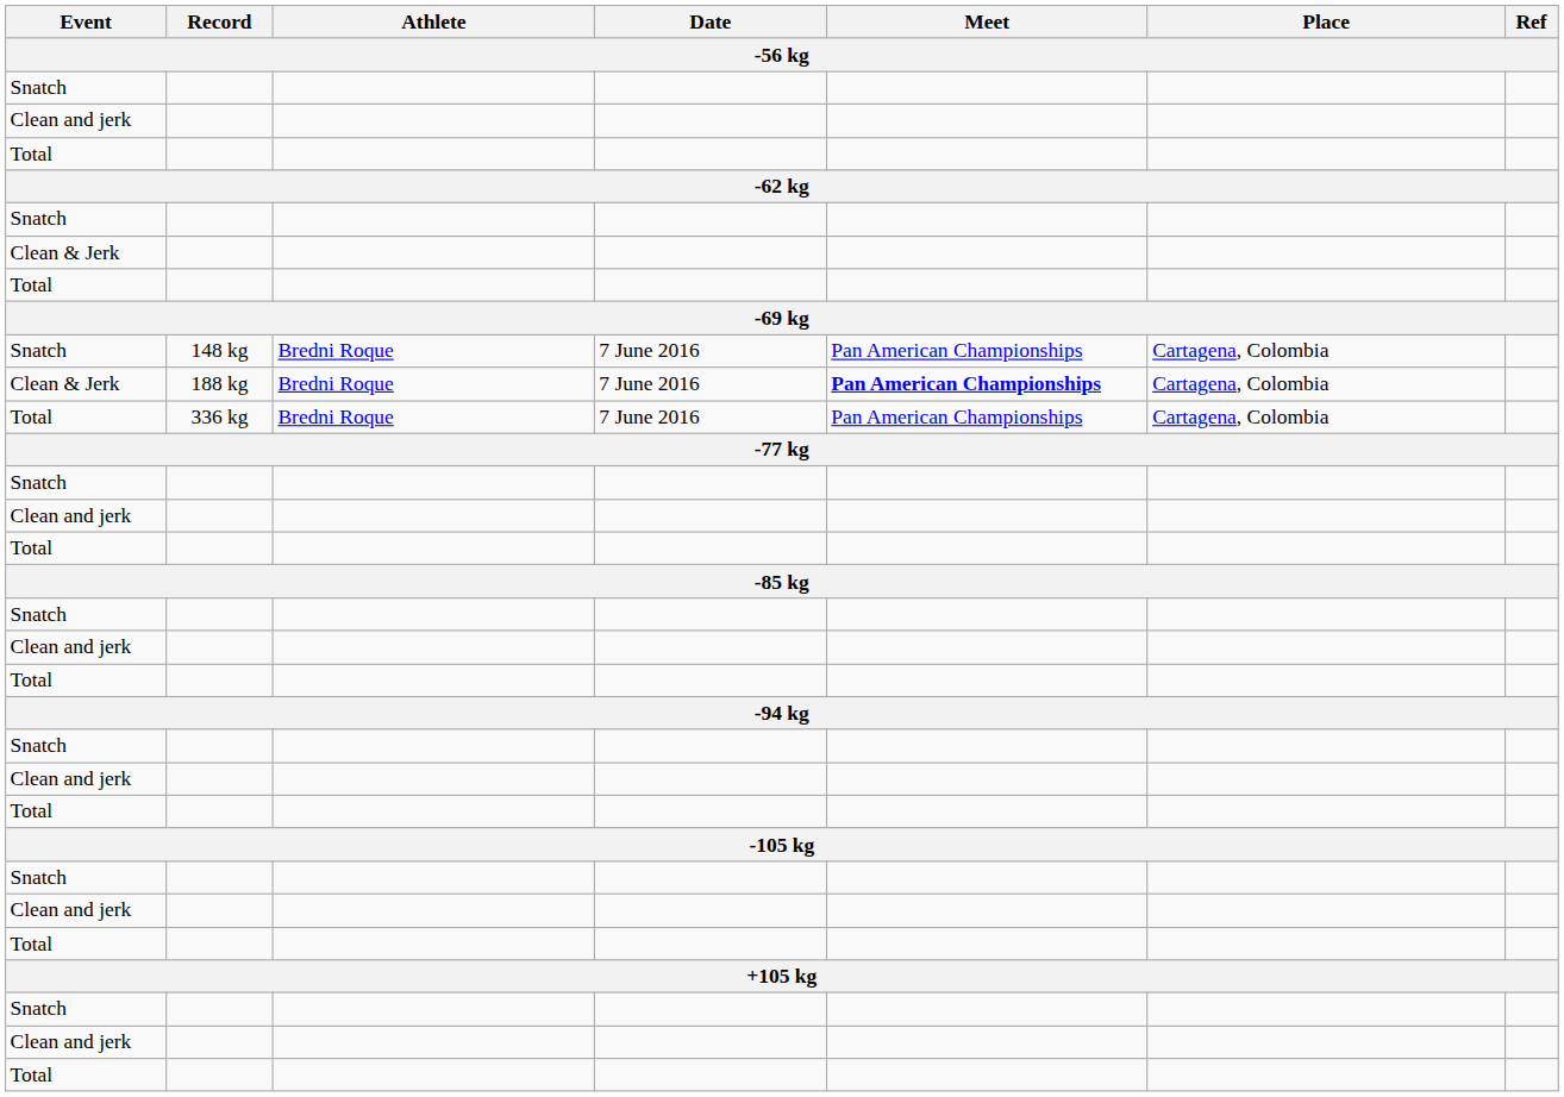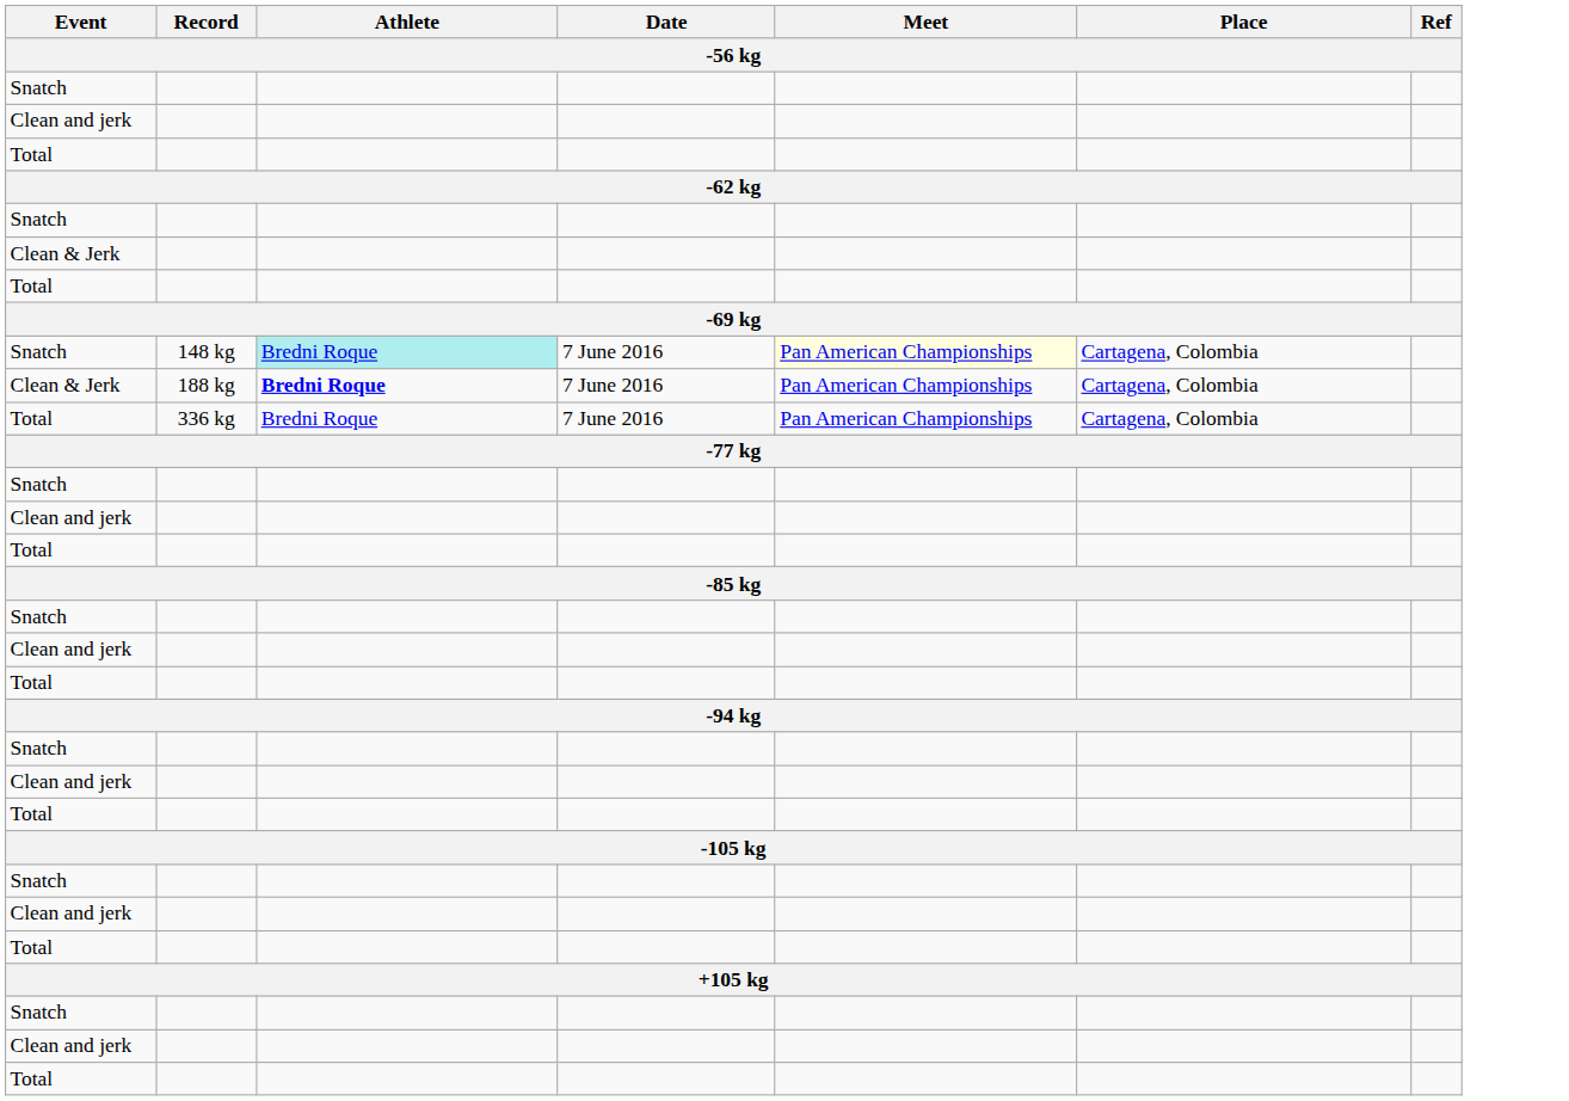 <table class="wikitable">
 <tr>
 <th width=9%>Event</th>
 <th width=6%>Record</th>
 <th width=18%>Athlete</th>
 <th width=13%>Date</th>
 <th width=18%>Meet</th>
 <th width=20%>Place</th>
 <th width=3%>Ref</th>
 </tr>
 <tr bgcolor="#DDDDDD">
 <th colspan="8">-56 kg</th>
 </tr>
 <tr>
 <td>Snatch</td>
 <td></td>
 <td></td>
 <td></td>
 <td></td>
 <td></td>
 <td></td>
 </tr>
 <tr>
 <td>Clean and jerk</td>
 <td></td>
 <td></td>
 <td></td>
 <td></td>
 <td></td>
 <td></td>
 </tr>
 <tr>
 <td>Total</td>
 <td></td>
 <td></td>
 <td></td>
 <td></td>
 <td></td>
 <td></td>
 </tr>
 <tr bgcolor="#DDDDDD">
 <th colspan="8">-62 kg</th>
 </tr>
 <tr>
 <td>Snatch</td>
 <td></td>
 <td></td>
 <td></td>
 <td></td>
 <td></td>
 <td></td>
 </tr>
 <tr>
 <td>Clean & Jerk</td>
 <td></td>
 <td></td>
 <td></td>
 <td></td>
 <td></td>
 <td></td>
 </tr>
 <tr>
 <td>Total</td>
 <td></td>
 <td></td>
 <td></td>
 <td></td>
 <td></td>
 <td></td>
 </tr>
 <tr bgcolor="#DDDDDD">
 <th colspan="8">-69 kg</th>
 </tr>
 <tr>
 <td>Snatch</td>
 <td align="center">148 kg</td>
-<td><a href='#'>Bredni Roque</a></td>
+<td style="background: paleturquoise;"><a href='#'>Bredni Roque</a></td>
 <td>7 June 2016</td>
-<td><a href='#'>Pan American Championships</a></td>
+<td style="background: lightyellow;"><a href='#'>Pan American Championships</a></td>
 <td><a href='#'>Cartagena</a>, Colombia</td>
 <td></td>
 </tr>
 <tr>
 <td>Clean & Jerk</td>
 <td align="center">188 kg</td>
-<td><a href='#'>Bredni Roque</a></td>
+<td><strong><a href='#'>Bredni Roque</a></strong></td>
 <td>7 June 2016</td>
-<td><strong><a href='#'>Pan American Championships</a></strong></td>
+<td><a href='#'>Pan American Championships</a></td>
 <td><a href='#'>Cartagena</a>, Colombia</td>
 <td></td>
 </tr>
 <tr>
 <td>Total</td>
 <td align="center">336 kg</td>
 <td><a href='#'>Bredni Roque</a></td>
 <td>7 June 2016</td>
 <td><a href='#'>Pan American Championships</a></td>
 <td><a href='#'>Cartagena</a>, Colombia</td>
 <td></td>
 </tr>
 <tr bgcolor="#DDDDDD">
 <th colspan="8">-77 kg</th>
 </tr>
 <tr>
 <td>Snatch</td>
 <td></td>
 <td></td>
 <td></td>
 <td></td>
 <td></td>
 <td></td>
 </tr>
 <tr>
 <td>Clean and jerk</td>
 <td></td>
 <td></td>
 <td></td>
 <td></td>
 <td></td>
 <td></td>
 </tr>
 <tr>
 <td>Total</td>
 <td></td>
 <td></td>
 <td></td>
 <td></td>
 <td></td>
 <td></td>
 </tr>
 <tr bgcolor="#DDDDDD">
 <th colspan="8">-85 kg</th>
 </tr>
 <tr>
 <td>Snatch</td>
 <td></td>
 <td></td>
 <td></td>
 <td></td>
 <td></td>
 <td></td>
 </tr>
 <tr>
 <td>Clean and jerk</td>
 <td align="center"></td>
 <td></td>
 <td></td>
 <td></td>
 <td></td>
 <td></td>
 </tr>
 <tr>
 <td>Total</td>
 <td></td>
 <td></td>
 <td></td>
 <td></td>
 <td></td>
 <td></td>
 </tr>
 <tr bgcolor="#DDDDDD">
 <th colspan="8">-94 kg</th>
 </tr>
 <tr>
 <td>Snatch</td>
 <td></td>
 <td></td>
 <td></td>
 <td></td>
 <td></td>
 </tr>
 <tr>
 <td>Clean and jerk</td>
 <td align="center"></td>
 <td></td>
 <td></td>
 <td></td>
 <td></td>
 <td></td>
 </tr>
 <tr>
 <td>Total</td>
 <td></td>
 <td></td>
 <td></td>
 <td></td>
 <td></td>
 <td></td>
 </tr>
 <tr bgcolor="#DDDDDD">
 <th colspan="8">-105 kg</th>
 </tr>
 <tr>
 <td>Snatch</td>
 <td></td>
 <td></td>
 <td></td>
 <td></td>
 <td></td>
 <td></td>
 </tr>
 <tr>
 <td>Clean and jerk</td>
 <td></td>
 <td></td>
 <td></td>
 <td></td>
 <td></td>
 <td></td>
 </tr>
 <tr>
 <td>Total</td>
 <td></td>
 <td></td>
 <td></td>
 <td></td>
 <td></td>
 <td></td>
 </tr>
 <tr bgcolor="#DDDDDD">
 <th colspan="8">+105 kg</th>
 </tr>
 <tr>
 <td>Snatch</td>
 <td></td>
 <td></td>
 <td></td>
 <td></td>
 <td></td>
 <td></td>
 </tr>
 <tr>
 <td>Clean and jerk</td>
 <td></td>
 <td></td>
 <td></td>
 <td></td>
 <td></td>
 <td></td>
 </tr>
 <tr>
 <td>Total</td>
 <td></td>
 <td></td>
 <td></td>
 <td></td>
 <td></td>
 <td></td>
 </tr>
 </table>
